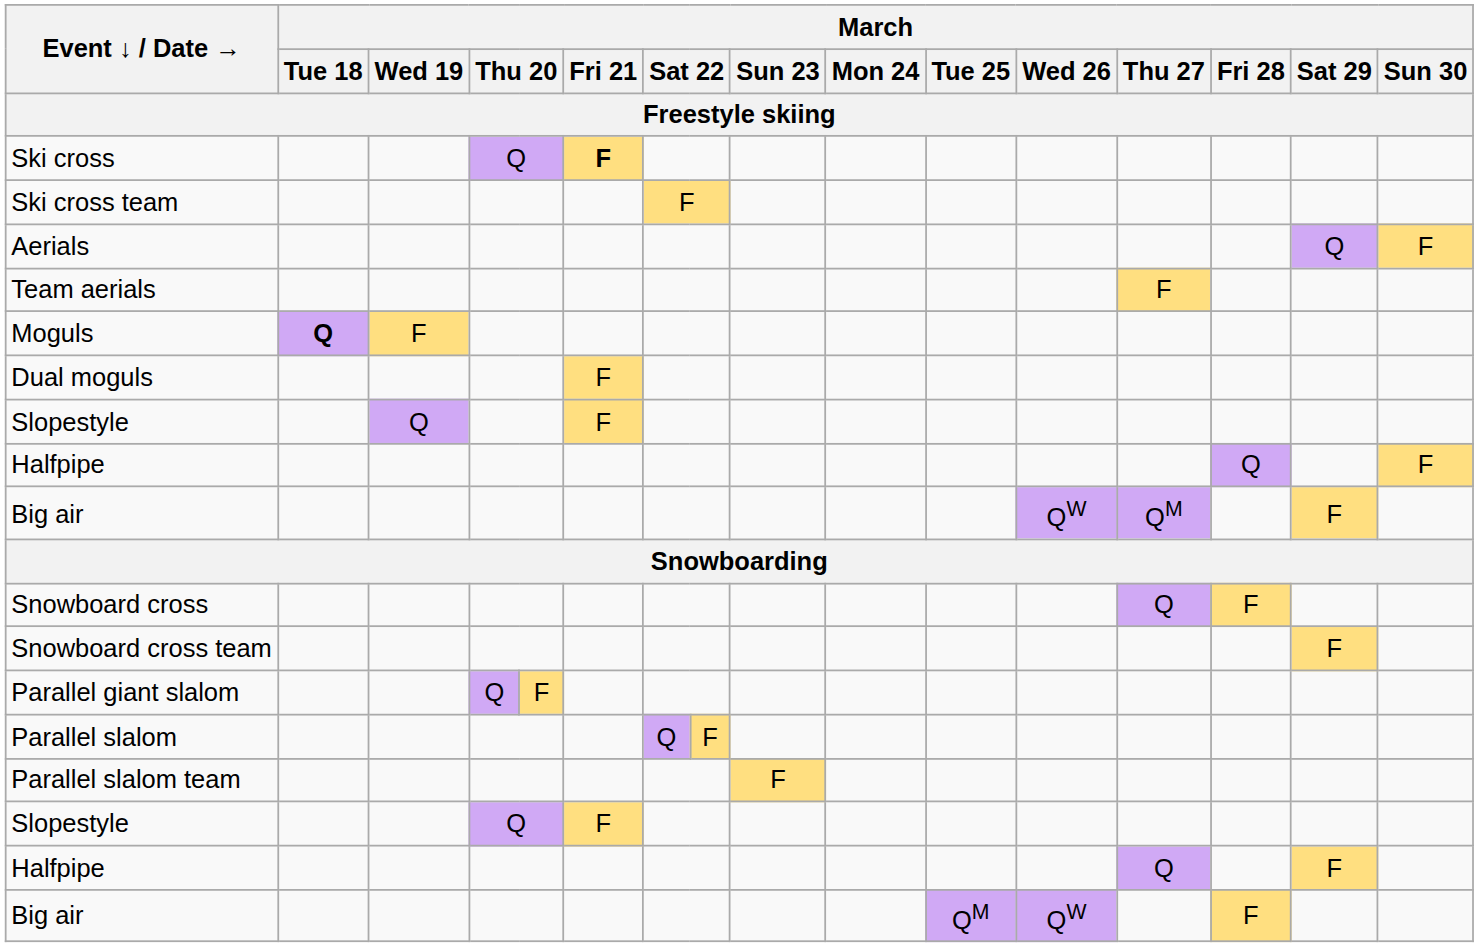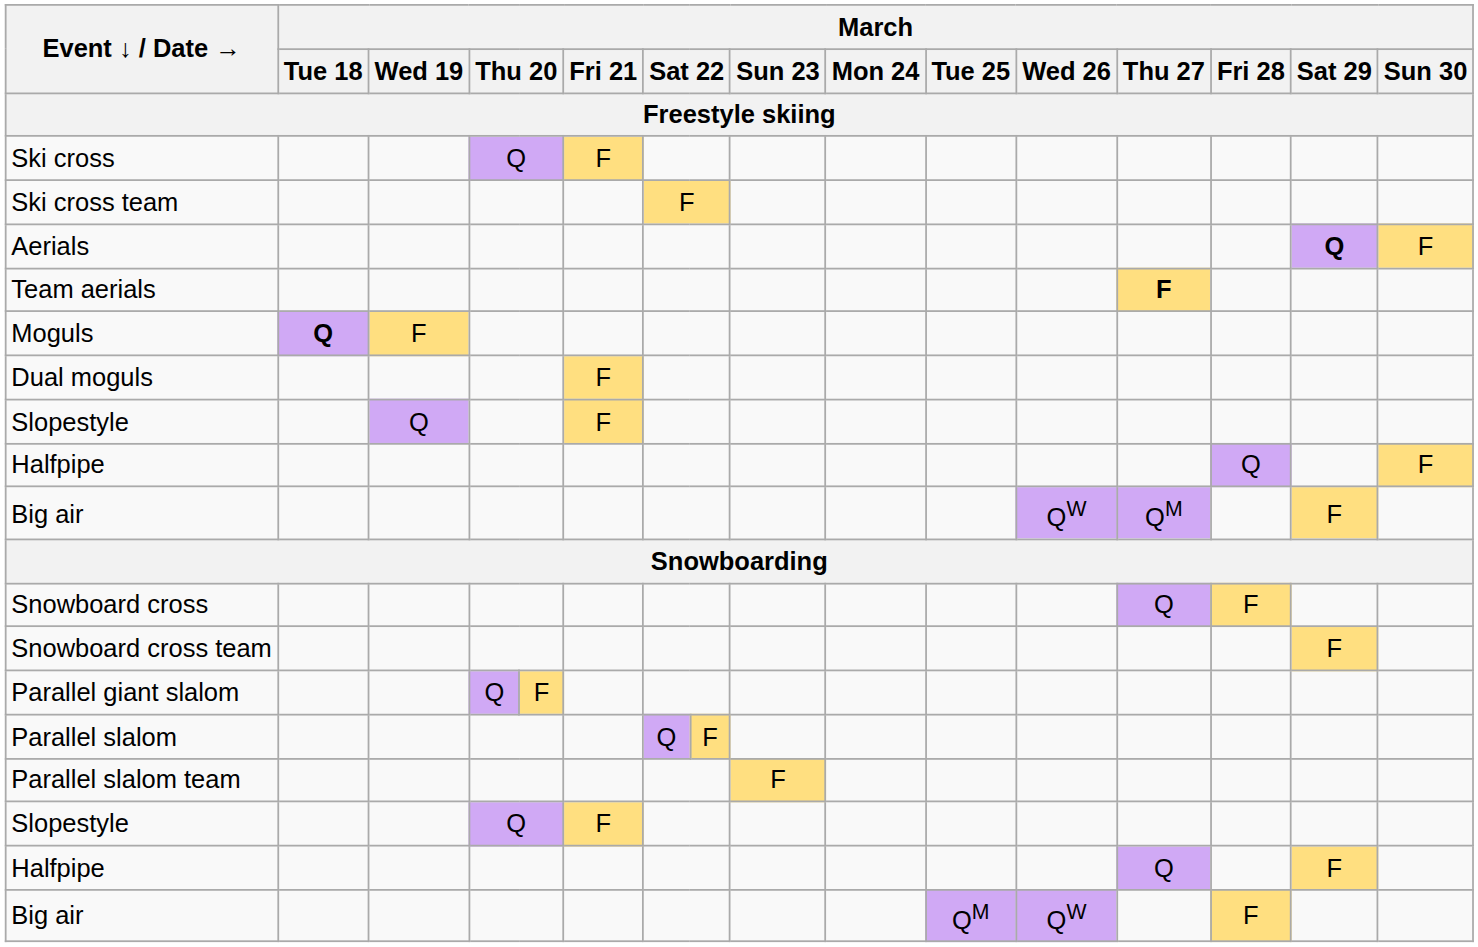 <table class="wikitable" style="margin:1em auto; font-size:90%; line-height:1.25em; text-align:center">
 <tr>
 <th rowspan=2>Event ↓ / Date →</th>
 <th colspan=15>March</th>
 </tr>
 <tr>
 <th>Tue 18</th>
 <th>Wed 19</th>
 <th colspan=2>Thu 20</th>
 <th>Fri 21</th>
 <th colspan=2>Sat 22</th>
 <th>Sun 23</th>
 <th>Mon 24</th>
 <th>Tue 25</th>
 <th>Wed 26</th>
 <th>Thu 27</th>
 <th>Fri 28</th>
 <th>Sat 29</th>
 <th>Sun 30</th>
 </tr>
 <tr>
 <th colspan=16>Freestyle skiing</th>
 </tr>
 <tr>
 <td style="text-align:left">Ski cross</td>
 <td></td>
 <td></td>
 <td colspan=2 style="background-color:#D0A9F5">Q</td>
-<td style="background-color:#FFDF80"><strong>F</strong></td>
+<td style="background-color:#FFDF80">F</td>
 <td colspan=2></td>
 <td></td>
 <td></td>
 <td></td>
 <td></td>
 <td></td>
 <td></td>
 <td></td>
 <td></td>
 </tr>
 <tr>
 <td style="text-align:left">Ski cross team</td>
 <td></td>
 <td></td>
 <td colspan=2></td>
 <td></td>
 <td colspan=2 style="background-color:#FFDF80">F</td>
 <td></td>
 <td></td>
 <td></td>
 <td></td>
 <td></td>
 <td></td>
 <td></td>
 <td></td>
 </tr>
 <tr>
 <td style="text-align:left">Aerials</td>
 <td></td>
 <td></td>
 <td colspan=2></td>
 <td></td>
 <td colspan=2></td>
 <td></td>
 <td></td>
 <td></td>
 <td></td>
 <td></td>
 <td></td>
-<td style="background-color:#D0A9F5">Q</td>
+<td style="background-color:#D0A9F5"><strong>Q</strong></td>
 <td style="background-color:#FFDF80">F</td>
 </tr>
 <tr>
 <td style="text-align:left">Team aerials</td>
 <td></td>
 <td></td>
 <td colspan=2></td>
 <td></td>
 <td colspan=2></td>
 <td></td>
 <td></td>
 <td></td>
 <td></td>
-<td style="background-color:#FFDF80">F</td>
+<td style="background-color:#FFDF80"><strong>F</strong></td>
 <td></td>
 <td></td>
 <td></td>
 </tr>
 <tr>
 <td style="text-align:left">Moguls</td>
 <td style="background-color:#D0A9F5"><strong>Q</strong></td>
 <td style="background-color:#FFDF80">F</td>
 <td colspan=2></td>
 <td></td>
 <td colspan=2></td>
 <td></td>
 <td></td>
 <td></td>
 <td></td>
 <td></td>
 <td></td>
 <td></td>
 <td></td>
 </tr>
 <tr>
 <td style="text-align:left">Dual moguls</td>
 <td></td>
 <td></td>
 <td colspan=2></td>
 <td style="background-color:#FFDF80">F</td>
 <td colspan=2></td>
 <td></td>
 <td></td>
 <td></td>
 <td></td>
 <td></td>
 <td></td>
 <td></td>
 <td></td>
 </tr>
 <tr>
 <td style="text-align:left">Slopestyle</td>
 <td></td>
 <td style="background-color:#D0A9F5">Q</td>
 <td colspan=2></td>
 <td style="background-color:#FFDF80">F</td>
 <td colspan=2></td>
 <td></td>
 <td></td>
 <td></td>
 <td></td>
 <td></td>
 <td></td>
 <td></td>
 </tr>
 <tr>
 <td style="text-align:left">Halfpipe</td>
 <td></td>
 <td></td>
 <td colspan=2></td>
 <td></td>
 <td colspan=2></td>
 <td></td>
 <td></td>
 <td></td>
 <td></td>
 <td></td>
 <td style="background-color:#D0A9F5">Q</td>
 <td></td>
 <td style="background-color:#FFDF80">F</td>
 </tr>
 <tr>
 <td style="text-align:left">Big air</td>
 <td></td>
 <td></td>
 <td colspan=2></td>
 <td></td>
 <td colspan=2></td>
 <td></td>
 <td></td>
 <td></td>
 <td style="background-color:#D0A9F5">Q<sup>W</sup></td>
 <td style="background-color:#D0A9F5">Q<sup>M</sup></td>
 <td></td>
 <td style="background-color:#FFDF80">F</td>
 <td></td>
 </tr>
 <tr>
 <th colspan=16>Snowboarding</th>
 </tr>
 <tr>
 <td style="text-align:left">Snowboard cross</td>
 <td></td>
 <td></td>
 <td colspan=2></td>
 <td></td>
 <td colspan=2></td>
 <td></td>
 <td></td>
 <td></td>
 <td></td>
 <td style="background-color:#D0A9F5">Q</td>
 <td style="background-color:#FFDF80">F</td>
 <td></td>
 <td></td>
 </tr>
 <tr>
 <td style="text-align:left">Snowboard cross team</td>
 <td></td>
 <td></td>
 <td colspan=2></td>
 <td></td>
 <td colspan=2></td>
 <td></td>
 <td></td>
 <td></td>
 <td></td>
 <td></td>
 <td></td>
 <td style="background-color:#FFDF80">F</td>
 <td></td>
 </tr>
 <tr>
 <td style="text-align:left">Parallel giant slalom</td>
 <td></td>
 <td></td>
 <td style="background-color:#D0A9F5">Q</td>
 <td style="background-color:#FFDF80">F</td>
 <td></td>
 <td colspan=2></td>
 <td></td>
 <td></td>
 <td></td>
 <td></td>
 <td></td>
 <td></td>
 <td></td>
 <td></td>
 </tr>
 <tr>
 <td style="text-align:left">Parallel slalom</td>
 <td></td>
 <td></td>
 <td colspan=2></td>
 <td></td>
 <td style="background-color:#D0A9F5">Q</td>
 <td style="background-color:#FFDF80">F</td>
 <td></td>
 <td></td>
 <td></td>
 <td></td>
 <td></td>
 <td></td>
 <td></td>
 <td></td>
 </tr>
 <tr>
 <td style="text-align:left">Parallel slalom team</td>
 <td></td>
 <td></td>
 <td colspan=2></td>
 <td></td>
 <td colspan=2></td>
 <td style="background-color:#FFDF80">F</td>
 <td></td>
 <td></td>
 <td></td>
 <td></td>
 <td></td>
 <td></td>
 <td></td>
 </tr>
 <tr>
 <td style="text-align:left">Slopestyle</td>
 <td></td>
 <td></td>
 <td colspan=2 style="background-color:#D0A9F5">Q</td>
 <td style="background-color:#FFDF80">F</td>
 <td colspan=2></td>
 <td></td>
 <td></td>
 <td></td>
 <td></td>
 <td></td>
 <td></td>
 <td></td>
 <td></td>
 </tr>
 <tr>
 <td style="text-align:left">Halfpipe</td>
 <td></td>
 <td></td>
 <td colspan=2></td>
 <td></td>
 <td colspan=2></td>
 <td></td>
 <td></td>
 <td></td>
 <td></td>
 <td style="background-color:#D0A9F5">Q</td>
 <td></td>
 <td style="background-color:#FFDF80">F</td>
 <td></td>
 </tr>
 <tr>
 <td style="text-align:left">Big air</td>
 <td></td>
 <td></td>
 <td colspan=2></td>
 <td></td>
 <td colspan=2></td>
 <td></td>
 <td></td>
 <td style="background-color:#D0A9F5">Q<sup>M</sup></td>
 <td style="background-color:#D0A9F5">Q<sup>W</sup></td>
 <td></td>
 <td style="background-color:#FFDF80">F</td>
 <td></td>
 <td></td>
 </tr>
 </table>
